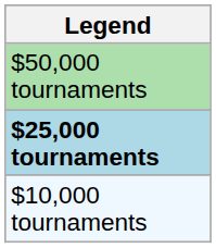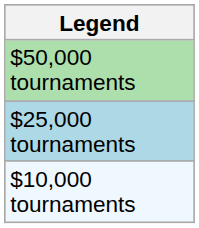 <table class="wikitable" style="font-size:85%; width:13%;">
 <tr>
 <th>Legend</th>
 </tr>
 <tr style="background:#addfad;">
 <td>$50,000 tournaments</td>
 </tr>
 <tr style="background:lightblue;">
-<td><strong>$25,000 tournaments</strong></td>
+<td>$25,000 tournaments</td>
 </tr>
 <tr style="background:#f0f8ff;">
 <td>$10,000 tournaments</td>
 </tr>
 </table>
